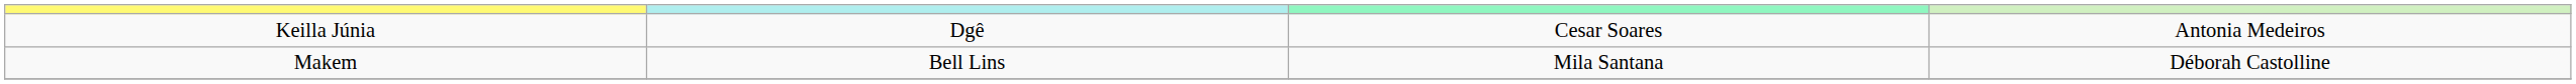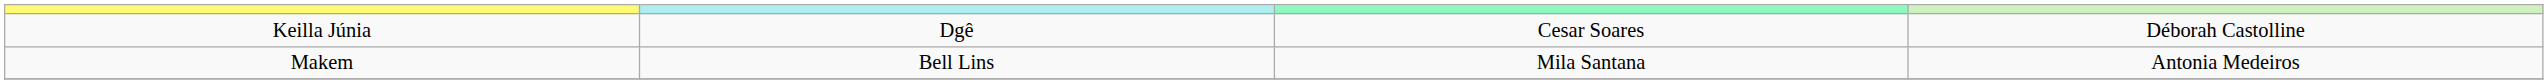 <table class="wikitable"  style="text-align:center; font-size:100%; width:100%;">
 <tr>
 <td scope="col" width="25%" bgcolor=FFFA73><strong></strong></td>
 <td scope="col" width="25%" bgcolor=AFEEEE><strong></strong></td>
 <td scope="col" width="25%" bgcolor=8FF7C0><strong></strong></td>
 <td scope="col" width="25%" bgcolor=D0F0C0><strong></strong></td>
 </tr>
 <tr>
 <td>Keilla Júnia</td>
 <td>Dgê</td>
 <td>Cesar Soares</td>
-<td>Antonia Medeiros</td>
+<td>Déborah Castolline</td>
 </tr>
 <tr>
 <td>Makem</td>
 <td>Bell Lins</td>
 <td>Mila Santana</td>
-<td>Déborah Castolline</td>
+<td>Antonia Medeiros</td>
 </tr>
 <tr>
 </tr>
 </table>
